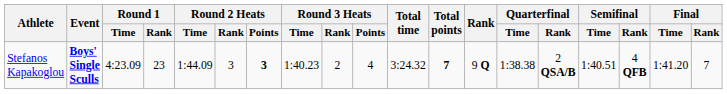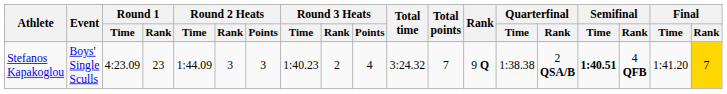 <table class="wikitable" style="font-size:90%">
 <tr>
 <th rowspan="2">Athlete</th>
 <th rowspan="2">Event</th>
 <th colspan="2">Round 1</th>
 <th colspan="3">Round 2 Heats</th>
 <th colspan="3">Round 3 Heats</th>
 <th rowspan="2">Total time</th>
 <th rowspan="2">Total points</th>
 <th rowspan="2">Rank</th>
 <th colspan="2">Quarterfinal</th>
 <th colspan="2">Semifinal</th>
 <th colspan="2">Final</th>
 </tr>
 <tr style="font-size:95%">
 <th>Time</th>
 <th>Rank</th>
 <th>Time</th>
 <th>Rank</th>
 <th>Points</th>
 <th>Time</th>
 <th>Rank</th>
 <th>Points</th>
 <th>Time</th>
 <th>Rank</th>
 <th>Time</th>
 <th>Rank</th>
 <th>Time</th>
 <th>Rank</th>
 </tr>
 <tr align=center>
 <td align=left><a href='#'>Stefanos Kapakoglou</a></td>
-<td align=left><strong><a href='#'>Boys' Single Sculls</a></strong></td>
+<td align=left><a href='#'>Boys' Single Sculls</a></td>
 <td>4:23.09</td>
 <td>23</td>
 <td>1:44.09</td>
 <td>3</td>
-<td><strong>3</strong></td>
+<td>3</td>
 <td>1:40.23</td>
 <td>2</td>
 <td>4</td>
 <td>3:24.32</td>
-<td><strong>7</strong></td>
+<td>7</td>
 <td>9 <strong>Q</strong></td>
 <td>1:38.38</td>
 <td>2 <strong>QSA/B</strong></td>
-<td>1:40.51</td>
+<td><strong>1:40.51</strong></td>
 <td>4 <strong>QFB</strong></td>
 <td>1:41.20</td>
-<td>7</td>
+<td style="background: gold;">7</td>
 </tr>
 </table>
